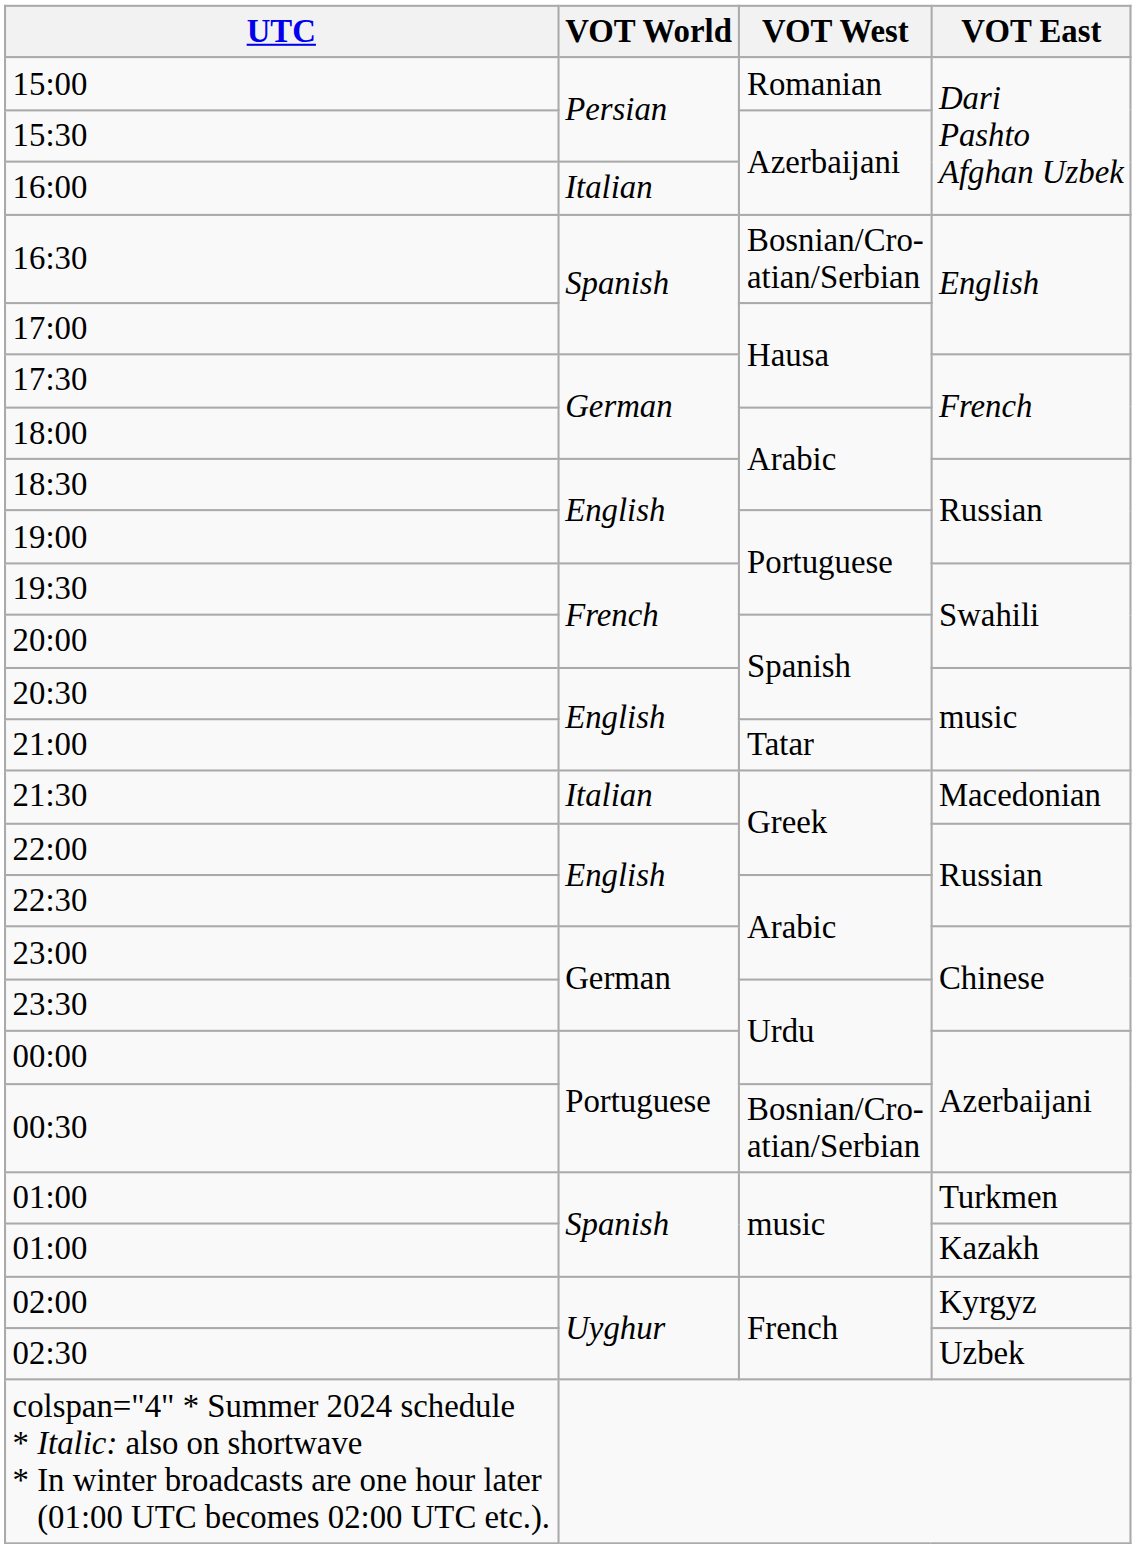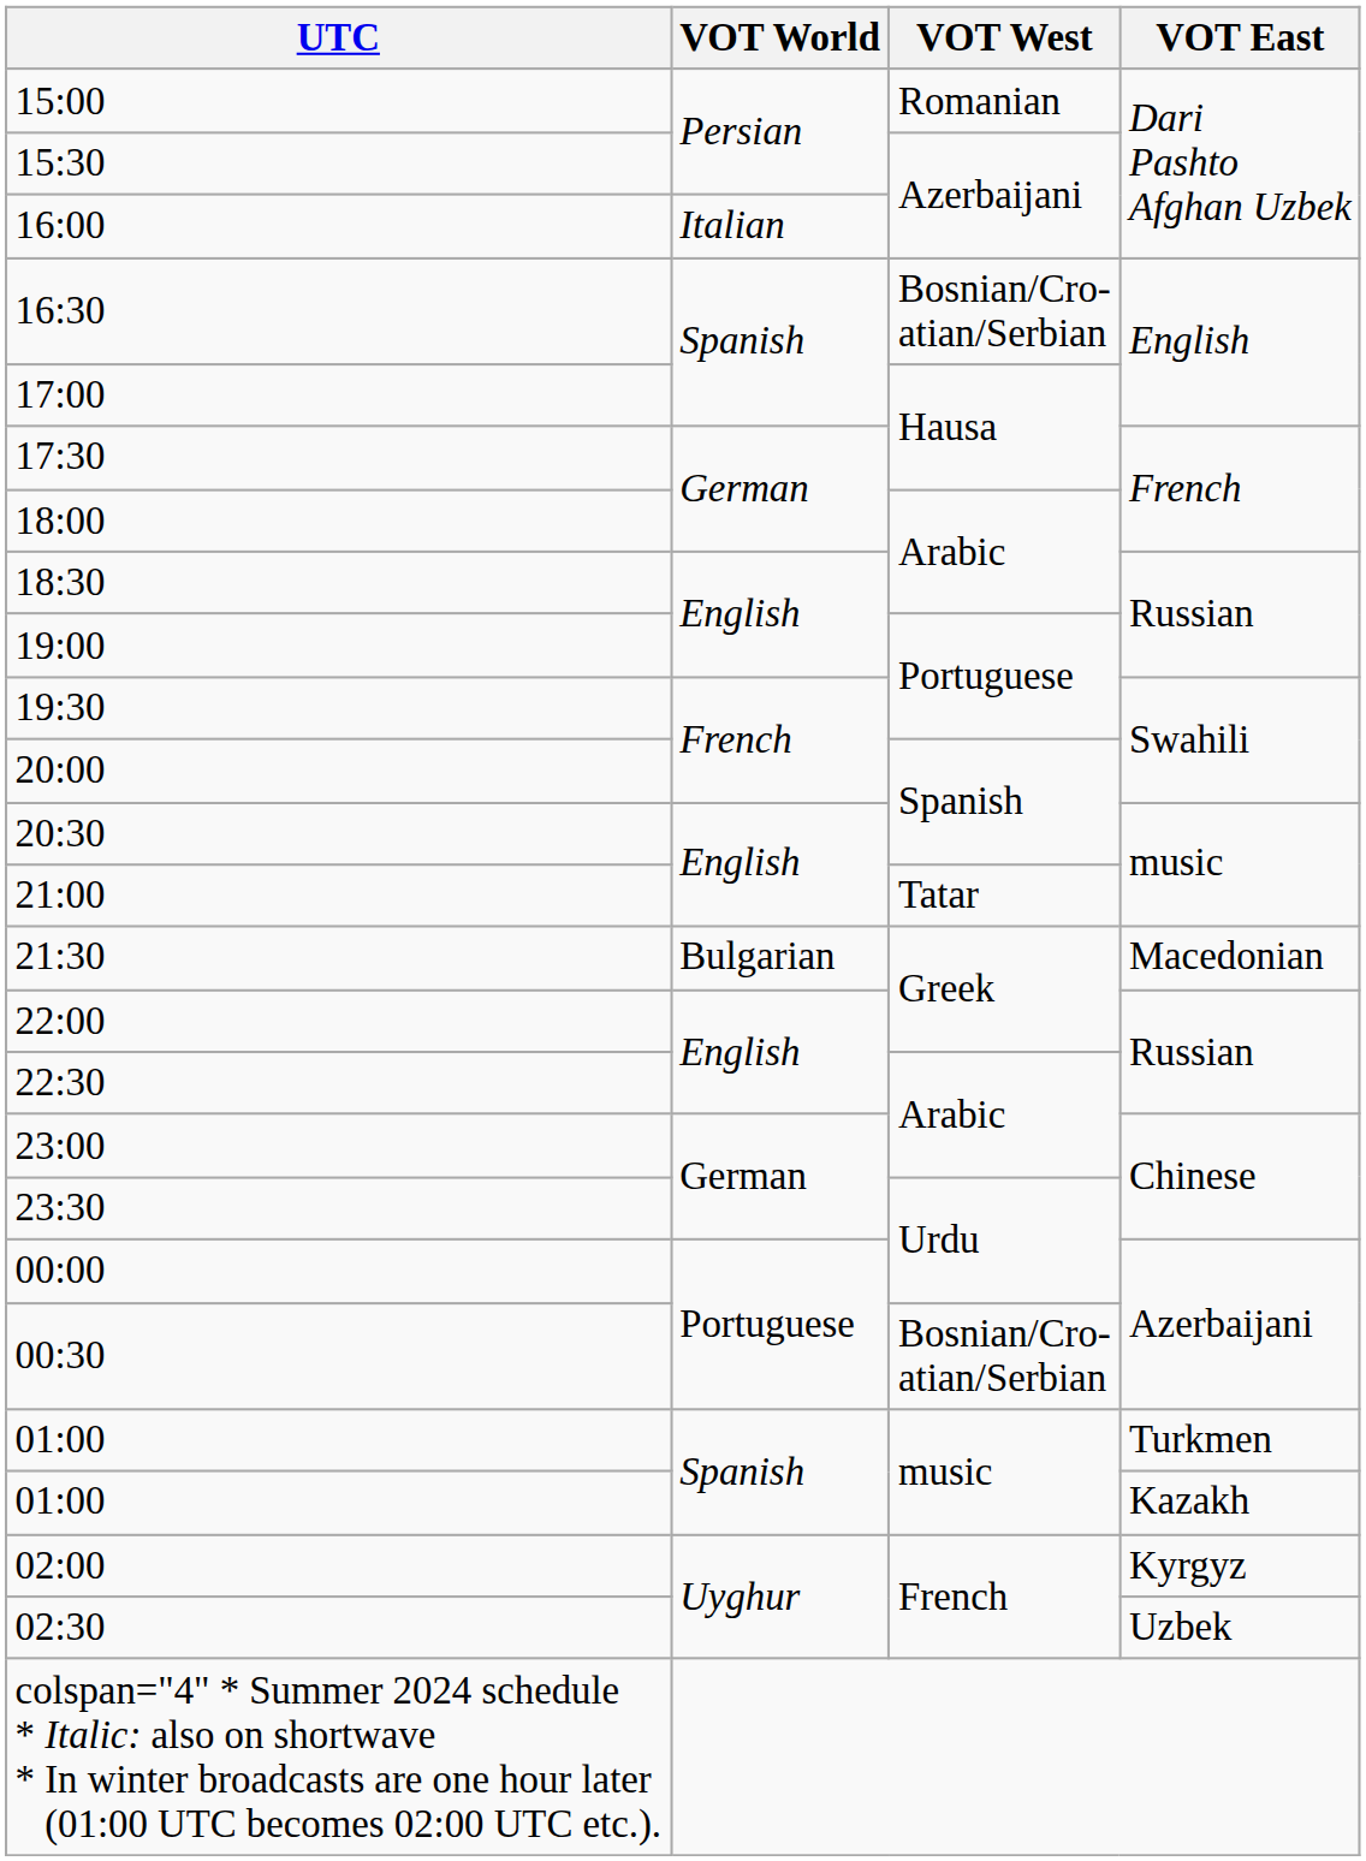 <table class="wikitable" style="float:left;">
 <tr>
 <th><a href='#'>UTC</a></th>
 <th>VOT World</th>
 <th>VOT West</th>
 <th>VOT East</th>
 </tr>
 <tr>
 <td>15:00</td>
 <td rowspan="2"><em>Persian</em></td>
 <td>Romanian</td>
 <td rowspan="3"><em>Dari<br>Pashto<br>Afghan Uzbek</em></td>
 </tr>
 <tr>
 <td>15:30</td>
 <td rowspan="2">Azerbaijani</td>
 </tr>
 <tr>
 <td>16:00</td>
 <td><em>Italian</em></td>
 </tr>
 <tr>
 <td>16:30</td>
 <td rowspan="2"><em>Spanish</em></td>
 <td>Bosnian/Cro-<br>atian/Serbian</td>
 <td rowspan="2"><em>English</em></td>
 </tr>
 <tr>
 <td>17:00</td>
 <td rowspan="2">Hausa</td>
 </tr>
 <tr>
 <td>17:30</td>
 <td rowspan="2"><em>German</em></td>
 <td rowspan="2"><em> French</em></td>
 </tr>
 <tr>
 <td>18:00</td>
 <td rowspan="2">Arabic</td>
 </tr>
 <tr>
 <td>18:30</td>
 <td rowspan="2"><em>English</em></td>
 <td rowspan="2">Russian</td>
 </tr>
 <tr>
 <td>19:00</td>
 <td rowspan="2">Portuguese</td>
 </tr>
 <tr>
 <td>19:30</td>
 <td rowspan="2"><em>French</em></td>
 <td rowspan="2">Swahili</td>
 </tr>
 <tr>
 <td>20:00</td>
 <td rowspan="2">Spanish</td>
 </tr>
 <tr>
 <td>20:30</td>
 <td rowspan="2"><em>English</em></td>
 <td rowspan="2">music</td>
 </tr>
 <tr>
 <td>21:00</td>
 <td>Tatar</td>
 </tr>
 <tr>
 <td>21:30</td>
-<td><em>Italian</em></td>
+<td>Bulgarian</td>
 <td rowspan="2">Greek</td>
 <td>Macedonian</td>
 </tr>
 <tr>
 <td>22:00</td>
 <td rowspan="2"><em>English</em></td>
 <td rowspan="2">Russian</td>
 </tr>
 <tr>
 <td>22:30</td>
 <td rowspan="2">Arabic</td>
 </tr>
 <tr>
 <td>23:00</td>
 <td rowspan="2">German</td>
 <td rowspan="2">Chinese</td>
 </tr>
 <tr>
 <td>23:30</td>
 <td rowspan="2">Urdu</td>
 </tr>
 <tr>
 <td>00:00</td>
 <td rowspan="2">Portuguese</td>
 <td rowspan="2">Azerbaijani</td>
 </tr>
 <tr>
 <td>00:30</td>
 <td>Bosnian/Cro-<br>atian/Serbian</td>
 </tr>
 <tr>
 <td>01:00</td>
 <td rowspan="2"><em>Spanish</em></td>
 <td rowspan="2">music</td>
 <td>Turkmen</td>
 </tr>
 <tr>
 <td>01:00</td>
 <td>Kazakh</td>
 </tr>
 <tr>
 <td>02:00</td>
 <td rowspan="2"><em>Uyghur</em></td>
 <td rowspan="2">French</td>
 <td>Kyrgyz</td>
 </tr>
 <tr>
 <td>02:30</td>
 <td>Uzbek</td>
 </tr>
 <tr>
 <td>colspan="4"  * Summer 2024 schedule<br>* <em>Italic:</em> also on shortwave<br>* In winter broadcasts are one hour later<br>   (01:00 UTC becomes 02:00 UTC etc.).</td>
 </tr>
 </table>
